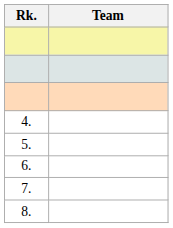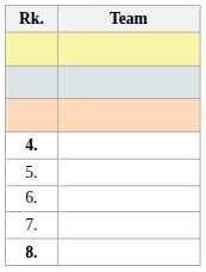 <table class="wikitable" style="border:1px solid #aaa; font-size:90%;">
 <tr style="background:#e4e4e4;">
 <th style="border-bottom:1px solid #aaa; width:40px;">Rk.</th>
 <th style="border-bottom:1px solid #aaa; width:120px;">Team</th>
 </tr>
 <tr style="background:#f7f6a8;">
 <td style="text-align:center; height:23px;"></td>
 <td><strong></strong></td>
 </tr>
 <tr style="background:#dce5e5;">
 <td style="text-align:center; height:23px;"></td>
 <td></td>
 </tr>
 <tr style="background:#ffdab9;">
 <td style="text-align:center; height:23px;"></td>
 <td></td>
 </tr>
 <tr style="background:#fff;">
-<td style="text-align:center;">4.</td>
+<td style="text-align:center;"><strong>4.</strong></td>
 <td></td>
 </tr>
 <tr style="background:#fff;">
 <td style="text-align:center;">5.</td>
 <td></td>
 </tr>
 <tr style="background:#fff;">
 <td style="text-align:center;">6.</td>
 <td></td>
 </tr>
 <tr style="background:#fff;">
 <td style="text-align:center;">7.</td>
 <td></td>
 </tr>
 <tr style="background:#fff;">
-<td style="text-align:center;">8.</td>
+<td style="text-align:center;"><strong>8.</strong></td>
 <td></td>
 </tr>
 </table>
